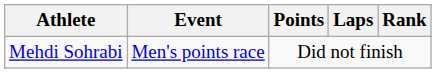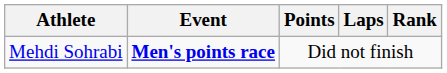 <table class=wikitable style="font-size:90%">
 <tr>
 <th>Athlete</th>
 <th>Event</th>
 <th>Points</th>
 <th>Laps</th>
 <th>Rank</th>
 </tr>
 <tr align=center>
 <td align=left><a href='#'>Mehdi Sohrabi</a></td>
-<td align=left><a href='#'>Men's points race</a></td>
+<td align=left><strong><a href='#'>Men's points race</a></strong></td>
 <td colspan=3>Did not finish</td>
 </tr>
 </table>
